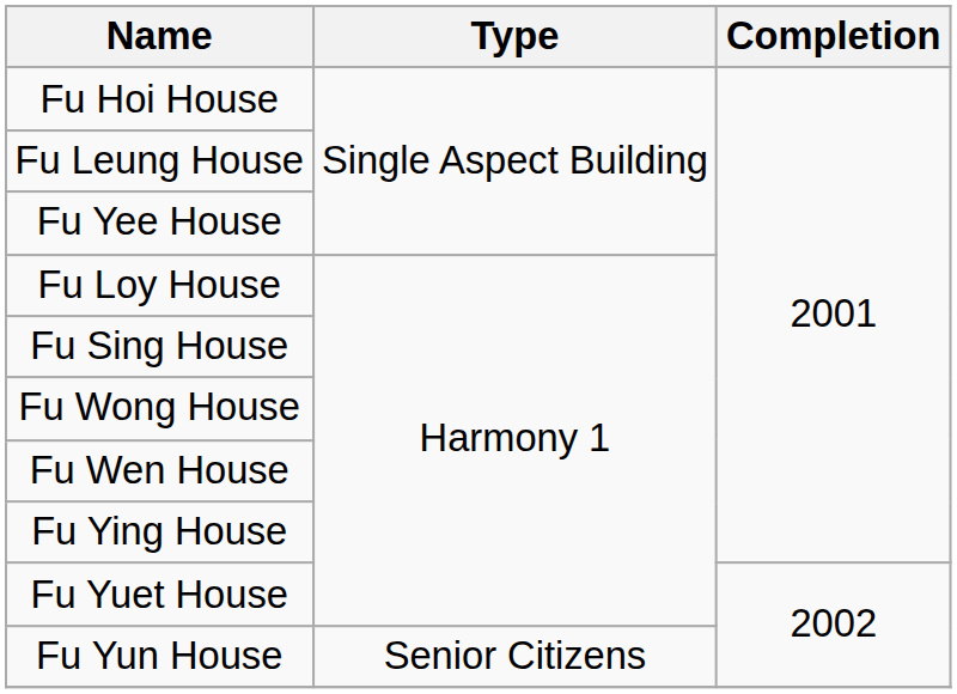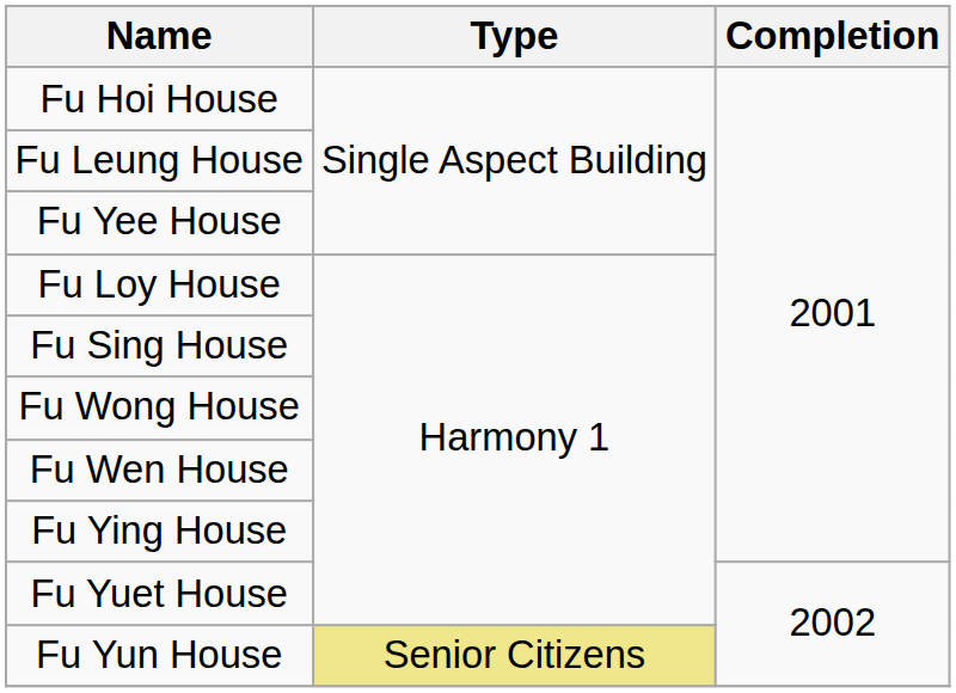 <table class="wikitable" style="text-align: center">
 <tr>
 <th>Name</th>
 <th>Type</th>
 <th>Completion</th>
 </tr>
 <tr>
 <td>Fu Hoi House</td>
 <td rowspan="3">Single Aspect Building</td>
 <td rowspan="8">2001</td>
 </tr>
 <tr>
 <td>Fu Leung House</td>
 </tr>
 <tr>
 <td>Fu Yee House</td>
 </tr>
 <tr>
 <td>Fu Loy House</td>
 <td rowspan="6">Harmony 1</td>
 </tr>
 <tr>
 <td>Fu Sing House</td>
 </tr>
 <tr>
 <td>Fu Wong House</td>
 </tr>
 <tr>
 <td>Fu Wen House</td>
 </tr>
 <tr>
 <td>Fu Ying House</td>
 </tr>
 <tr>
 <td>Fu Yuet House</td>
 <td rowspan="2">2002</td>
 </tr>
 <tr>
 <td>Fu Yun House</td>
-<td rowspan="1">Senior Citizens</td>
+<td rowspan="1" style="background: khaki;">Senior Citizens</td>
 </tr>
 <tr>
 </tr>
 </table>
